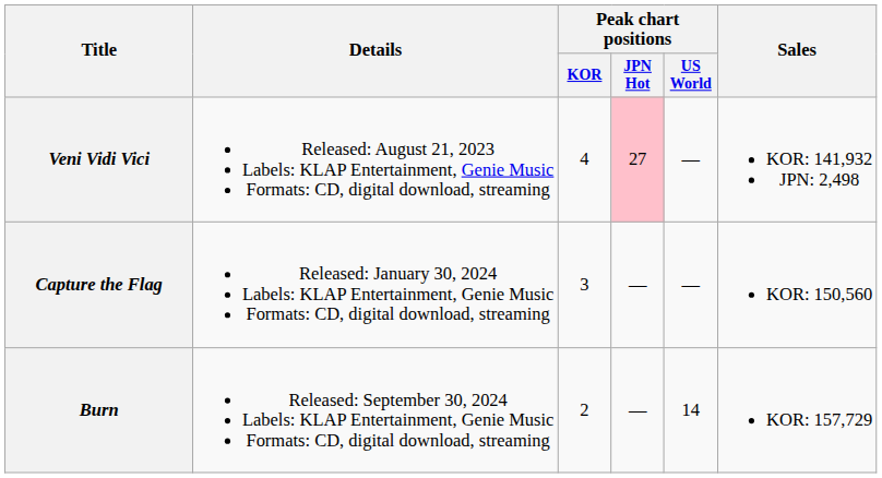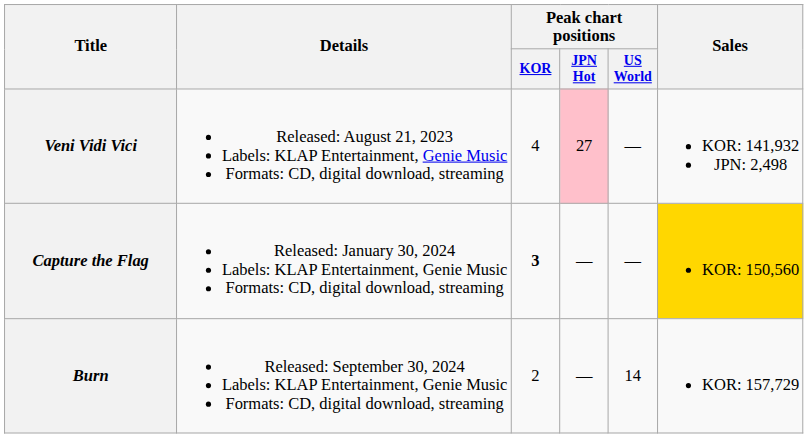 <table class="wikitable plainrowheaders" style="text-align:center;">
 <tr>
 <th scope="col" rowspan="2" style="width:10em;">Title</th>
 <th scope="col" rowspan="2">Details</th>
 <th colspan="3" scope="col" style="width:5em;">Peak chart positions</th>
 <th scope="col" rowspan="2">Sales</th>
 </tr>
 <tr>
 <th scope="col" style="width:3em;font-size:85%"><a href='#'>KOR</a><br></th>
 <th scope="col" style="width:3em;font-size:85%"><a href='#'>JPN<br>Hot</a><br></th>
 <th scope="col" style="width:3em;font-size:85%"><a href='#'>US<br>World</a><br></th>
 </tr>
 <tr>
 <th scope="row"><em>Veni Vidi Vici</em></th>
 <td><br><ul><li>Released: August 21, 2023</li><li>Labels: KLAP Entertainment, <a href='#'>Genie Music</a></li><li>Formats: CD, digital download, streaming</li></ul></td>
 <td>4</td>
 <td style="background: pink;">27</td>
 <td>—</td>
 <td><br><ul><li>KOR: 141,932</li><li>JPN: 2,498 </li></ul></td>
 </tr>
 <tr>
 <th scope="row"><em>Capture the Flag</em></th>
 <td><br><ul><li>Released: January 30, 2024</li><li>Labels: KLAP Entertainment, Genie Music</li><li>Formats: CD, digital download, streaming</li></ul></td>
-<td>3</td>
+<td><strong>3</strong></td>
 <td>—</td>
 <td>—</td>
-<td><br><ul><li>KOR: 150,560</li></ul></td>
+<td style="background: gold;"><br><ul><li>KOR: 150,560</li></ul></td>
 </tr>
 <tr>
 <th scope="row"><em>Burn</em></th>
 <td><br><ul><li>Released: September 30, 2024</li><li>Labels: KLAP Entertainment, Genie Music</li><li>Formats: CD, digital download, streaming</li></ul></td>
 <td>2</td>
 <td>—</td>
 <td>14</td>
 <td><br><ul><li>KOR: 157,729</li></ul></td>
 </tr>
 </table>
